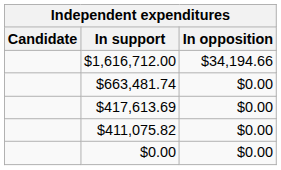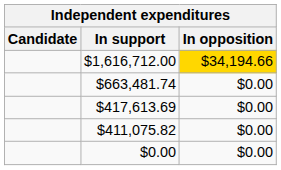 <table class="wikitable sortable">
 <tr>
 <th colspan=5>Independent expenditures</th>
 </tr>
 <tr style="text-align:center;">
 <th>Candidate</th>
 <th>In support</th>
 <th>In opposition</th>
 </tr>
 <tr>
 <td></td>
 <td align=right>$1,616,712.00</td>
-<td align=right>$34,194.66</td>
+<td align=right style="background: gold;">$34,194.66</td>
 </tr>
 <tr>
 <td></td>
 <td align=right>$663,481.74</td>
 <td align=right>$0.00</td>
 </tr>
 <tr>
 <td></td>
 <td align=right>$417,613.69</td>
 <td align=right>$0.00</td>
 </tr>
 <tr>
 <td></td>
 <td align=right>$411,075.82</td>
 <td align=right>$0.00</td>
 </tr>
 <tr>
 <td></td>
 <td align=right>$0.00</td>
 <td align=right>$0.00</td>
 </tr>
 </table>
